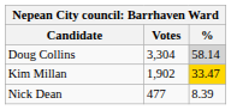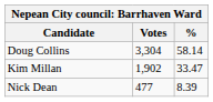 <table class="wikitable">
 <tr>
 <th colspan="3">Nepean City council: Barrhaven Ward</th>
 </tr>
 <tr>
 <th style="width: 170px">Candidate</th>
 <th style="width: 50px">Votes</th>
 <th style="width: 40px">%</th>
 </tr>
 <tr>
 <td>Doug Collins</td>
 <td>3,304</td>
-<td style="background: lightgrey;">58.14</td>
+<td>58.14</td>
 </tr>
 <tr>
 <td>Kim Millan</td>
 <td>1,902</td>
-<td style="background: gold;">33.47</td>
+<td>33.47</td>
 </tr>
 <tr>
 <td>Nick Dean</td>
 <td>477</td>
 <td>8.39</td>
 </tr>
 </table>
